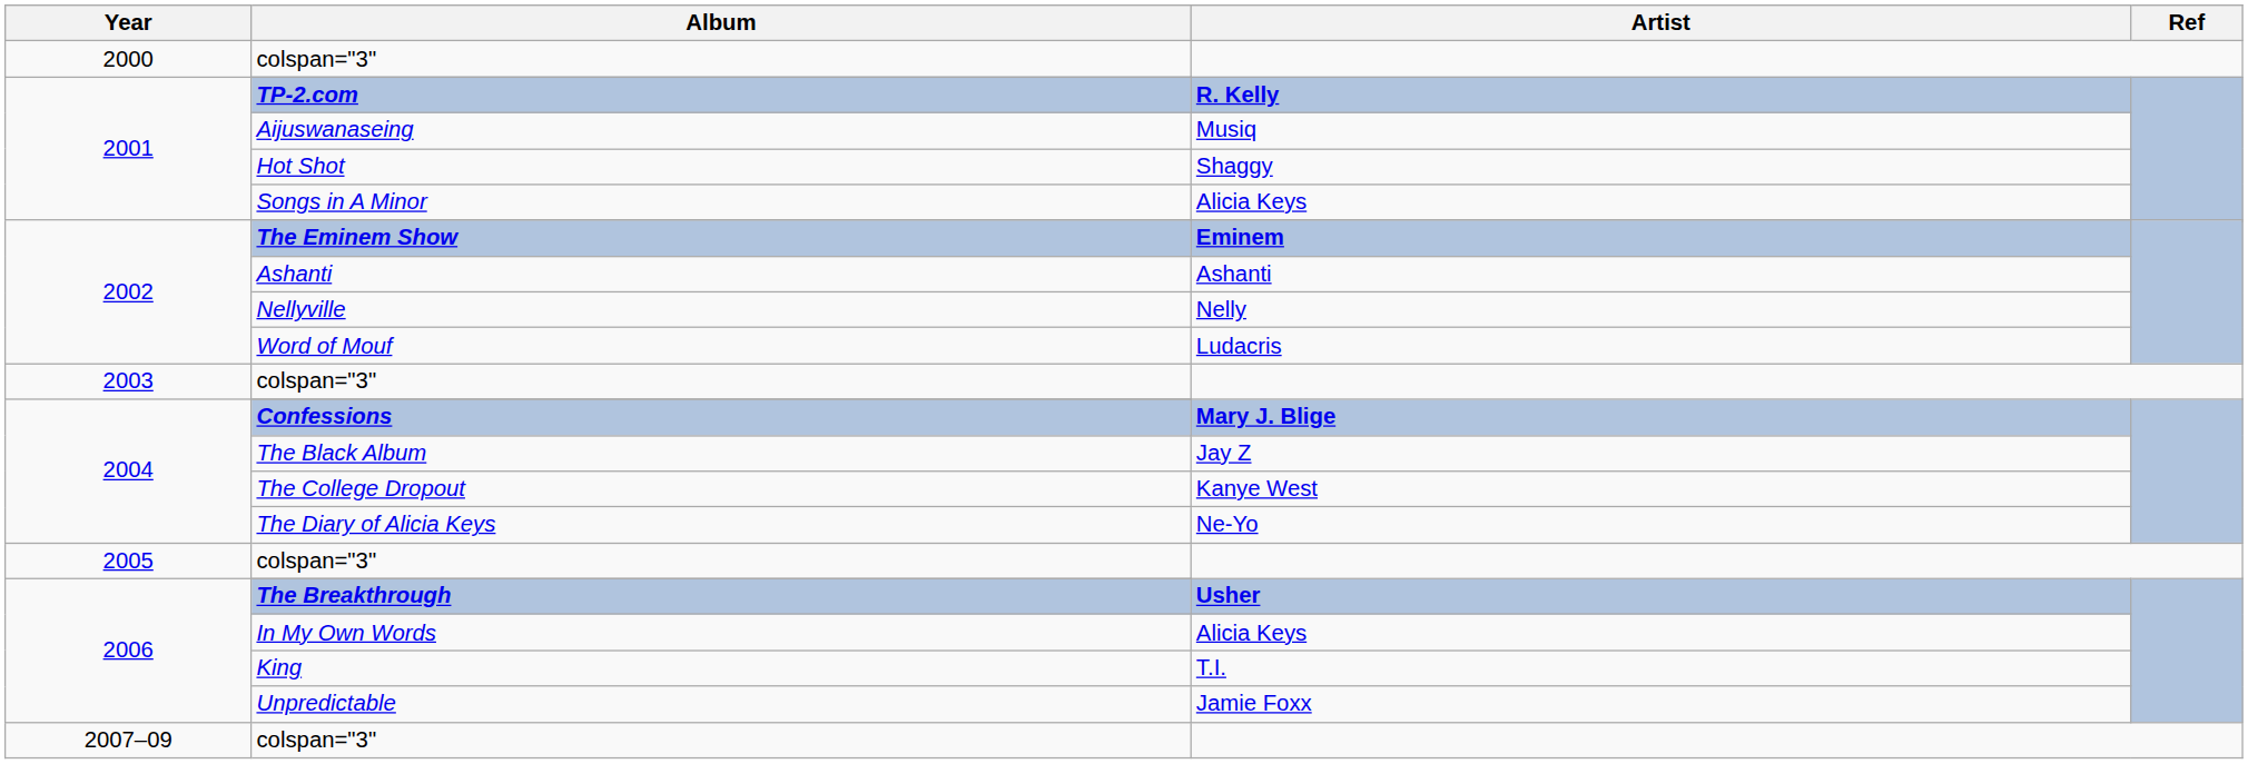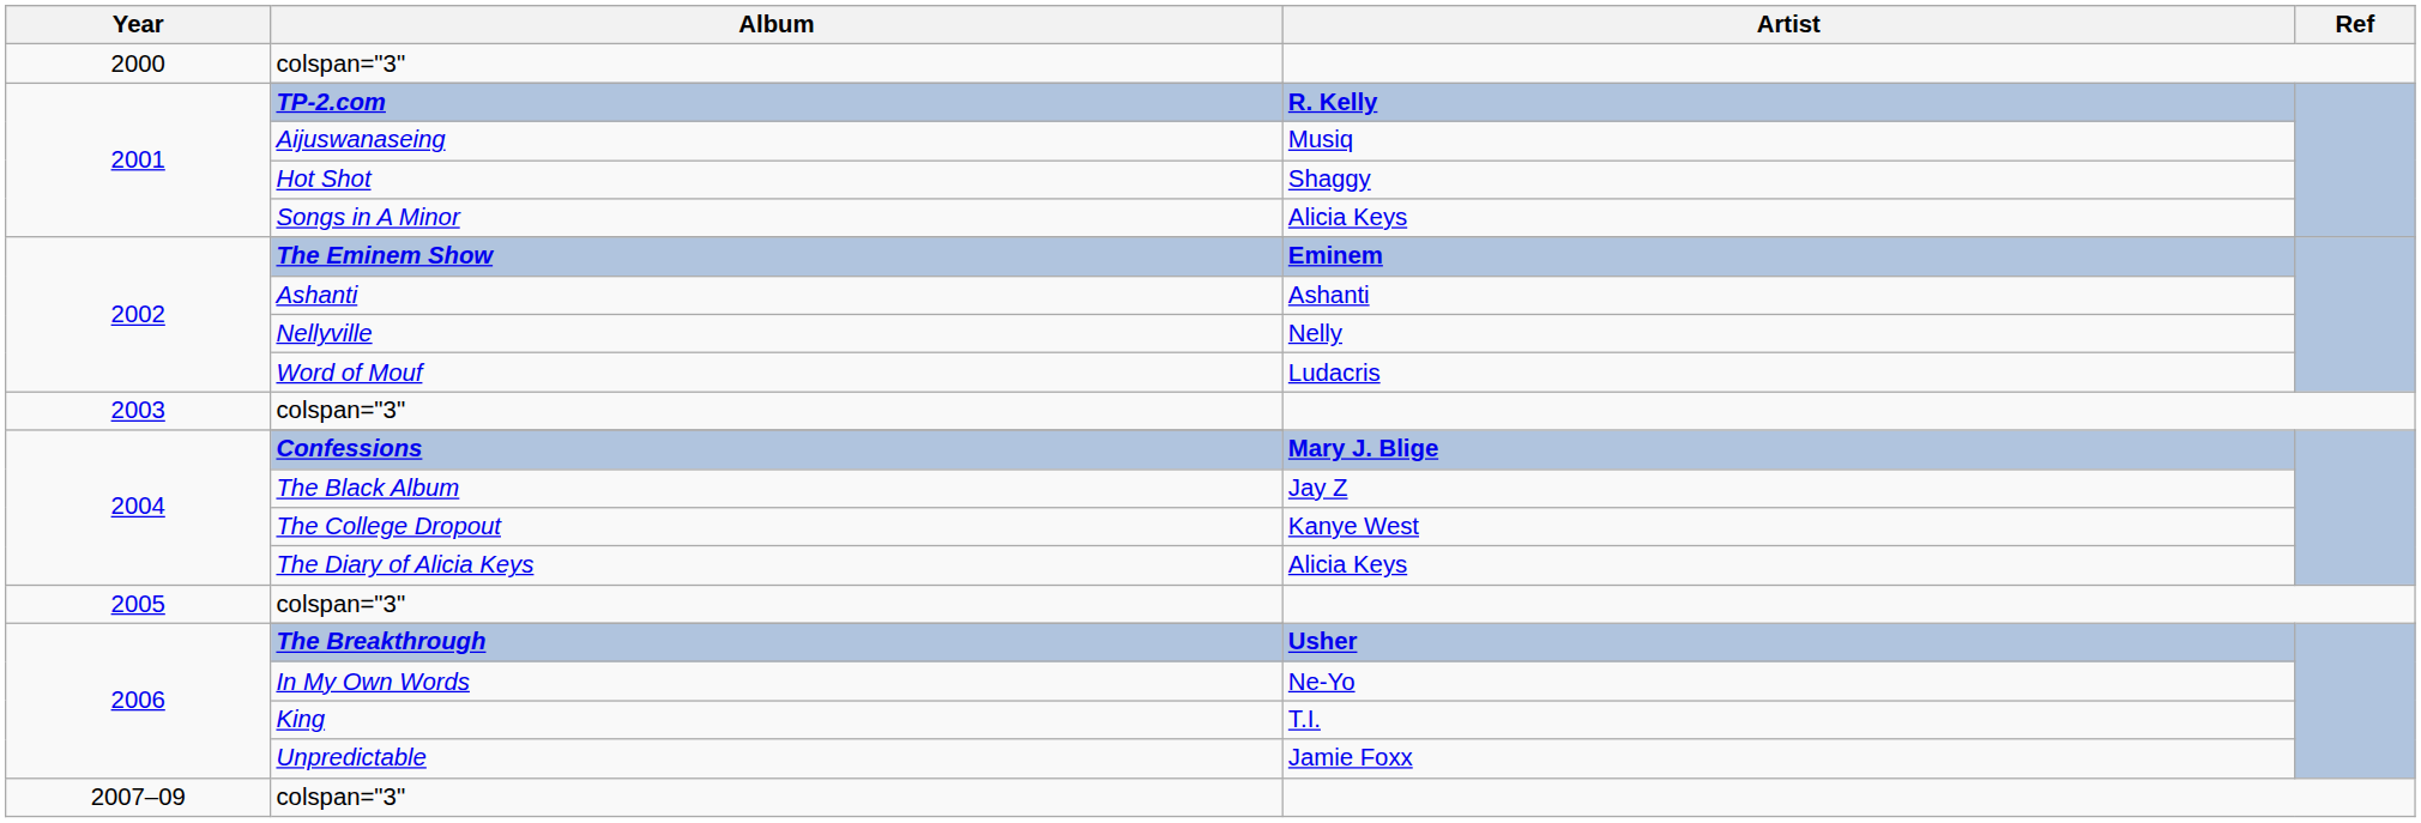 <table class="wikitable" style="width:100%;">
 <tr style="background:#bebebe;">
 <th style="width:11%;">Year</th>
 <th style="width:42%;">Album</th>
 <th style="width:42%;">Artist</th>
 <th style="width:5%;">Ref</th>
 </tr>
 <tr>
 <td align="center">2000</td>
 <td>colspan="3" </td>
 </tr>
 <tr>
 <td rowspan="5" align="center"><a href='#'>2001</a></td>
 </tr>
 <tr style="background:#B0C4DE">
 <td><strong><em><a href='#'>TP-2.com</a></em></strong></td>
 <td><strong><a href='#'>R. Kelly</a></strong></td>
 <td rowspan="5" align="center"></td>
 </tr>
 <tr>
 <td><em><a href='#'>Aijuswanaseing</a></em></td>
 <td><a href='#'>Musiq</a></td>
 </tr>
 <tr>
 <td><em><a href='#'>Hot Shot</a></em></td>
 <td><a href='#'>Shaggy</a></td>
 </tr>
 <tr>
 <td><em><a href='#'>Songs in A Minor</a></em></td>
 <td><a href='#'>Alicia Keys</a></td>
 </tr>
 <tr>
 <td rowspan="5" align="center"><a href='#'>2002</a></td>
 </tr>
 <tr style="background:#B0C4DE">
 <td><strong><em><a href='#'>The Eminem Show</a></em></strong></td>
 <td><strong><a href='#'>Eminem</a></strong></td>
 <td rowspan="4" align="center"></td>
 </tr>
 <tr>
 <td><em><a href='#'>Ashanti</a></em></td>
 <td><a href='#'>Ashanti</a></td>
 </tr>
 <tr>
 <td><em><a href='#'>Nellyville</a></em></td>
 <td><a href='#'>Nelly</a></td>
 </tr>
 <tr>
 <td><em><a href='#'>Word of Mouf</a></em></td>
 <td><a href='#'>Ludacris</a></td>
 </tr>
 <tr>
 <td align="center"><a href='#'>2003</a></td>
 <td>colspan="3" </td>
 </tr>
 <tr>
 <td rowspan="5" align="center"><a href='#'>2004</a></td>
 </tr>
 <tr style="background:#B0C4DE">
 <td><strong><em><a href='#'>Confessions</a></em></strong></td>
 <td><strong><a href='#'>Mary J. Blige</a></strong></td>
 <td rowspan="4" align="center"></td>
 </tr>
 <tr>
 <td><em><a href='#'>The Black Album</a></em></td>
 <td><a href='#'>Jay Z</a></td>
 </tr>
 <tr>
 <td><em><a href='#'>The College Dropout</a></em></td>
 <td><a href='#'>Kanye West</a></td>
 </tr>
 <tr>
 <td><em><a href='#'>The Diary of Alicia Keys</a></em></td>
-<td><a href='#'>Ne-Yo</a></td>
+<td><a href='#'>Alicia Keys</a></td>
 </tr>
 <tr>
 <td align="center"><a href='#'>2005</a></td>
 <td>colspan="3" </td>
 </tr>
 <tr>
 <td rowspan="5" align="center"><a href='#'>2006</a></td>
 </tr>
 <tr style="background:#B0C4DE">
 <td><strong><em><a href='#'>The Breakthrough</a></em></strong></td>
 <td><strong><a href='#'>Usher</a></strong></td>
 <td rowspan="4" align="center"></td>
 </tr>
 <tr>
 <td><em><a href='#'>In My Own Words</a></em></td>
-<td><a href='#'>Alicia Keys</a></td>
+<td><a href='#'>Ne-Yo</a></td>
 </tr>
 <tr>
 <td><em><a href='#'>King</a></em></td>
 <td><a href='#'>T.I.</a></td>
 </tr>
 <tr>
 <td><em><a href='#'>Unpredictable</a></em></td>
 <td><a href='#'>Jamie Foxx</a></td>
 </tr>
 <tr>
 <td align="center">2007–09</td>
 <td>colspan="3" </td>
 </tr>
 </table>
